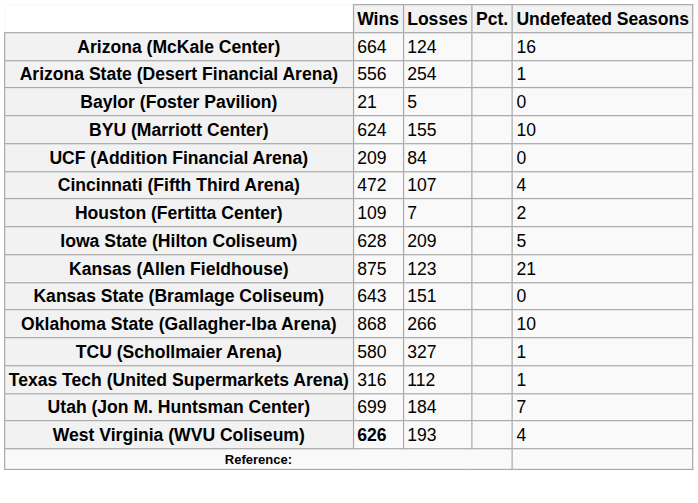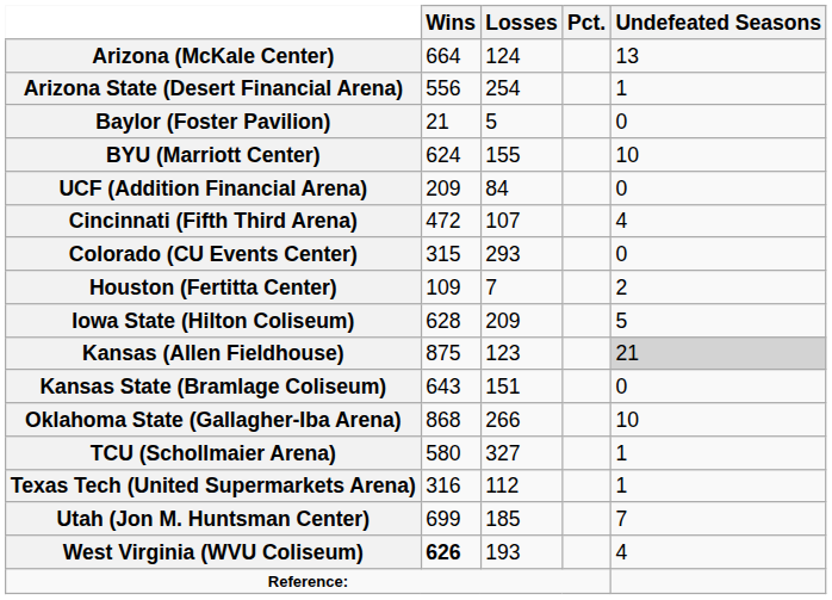 <table class="wikitable" style="white-space:nowrap;font-size:90%;">
 <tr>
 <th colspan="1" style="background:white; border-top-style:hidden; border-left-style:hidden;" width="75"> </th>
 <th>Wins</th>
 <th>Losses</th>
 <th>Pct.</th>
 <th>Undefeated Seasons</th>
 </tr>
 <tr>
 <th>Arizona (McKale Center)</th>
 <td>664</td>
 <td>124</td>
 <td></td>
-<td>16</td>
+<td>13</td>
 </tr>
 <tr>
 <th>Arizona State (Desert Financial Arena)</th>
 <td>556</td>
 <td>254</td>
 <td></td>
 <td>1</td>
 </tr>
 <tr>
 <th>Baylor (Foster Pavilion)</th>
 <td>21</td>
 <td>5</td>
 <td></td>
 <td>0</td>
 </tr>
 <tr>
 <th>BYU (Marriott Center)</th>
 <td>624</td>
 <td>155</td>
 <td></td>
 <td>10</td>
 </tr>
 <tr>
 <th>UCF (Addition Financial Arena)</th>
 <td>209</td>
 <td>84</td>
 <td></td>
 <td>0</td>
 </tr>
 <tr>
 <th>Cincinnati (Fifth Third Arena)</th>
 <td>472</td>
 <td>107</td>
 <td></td>
 <td>4</td>
 </tr>
 <tr>
+<th>Colorado (CU Events Center)</th>
+<td>315</td>
+<td>293</td>
+<td></td>
+<td>0</td>
+</tr>
+<tr>
 <th>Houston (Fertitta Center)</th>
 <td>109</td>
 <td>7</td>
 <td></td>
 <td>2</td>
 </tr>
 <tr>
 <th>Iowa State (Hilton Coliseum)</th>
 <td>628</td>
 <td>209</td>
 <td></td>
 <td>5</td>
 </tr>
 <tr>
 <th>Kansas (Allen Fieldhouse)</th>
 <td>875</td>
 <td>123</td>
 <td></td>
-<td>21</td>
+<td style="background: lightgrey;">21</td>
 </tr>
 <tr>
 <th>Kansas State (Bramlage Coliseum)</th>
 <td>643</td>
 <td>151</td>
 <td></td>
 <td>0</td>
 </tr>
 <tr>
 <th>Oklahoma State (Gallagher-Iba Arena)</th>
 <td>868</td>
 <td>266</td>
 <td></td>
 <td>10</td>
 </tr>
 <tr>
 <th>TCU (Schollmaier Arena)</th>
 <td>580</td>
 <td>327</td>
 <td></td>
 <td>1</td>
 </tr>
 <tr>
 <th>Texas Tech (United Supermarkets Arena)</th>
 <td>316</td>
 <td>112</td>
 <td></td>
 <td>1</td>
 </tr>
 <tr>
 <th>Utah (Jon M. Huntsman Center)</th>
 <td>699</td>
-<td>184</td>
+<td>185</td>
 <td></td>
 <td>7</td>
 </tr>
 <tr>
 <th>West Virginia (WVU Coliseum)</th>
 <td><strong>626</strong></td>
 <td>193</td>
 <td></td>
 <td>4</td>
 </tr>
 <tr>
 <td colspan="4" style="font-size:8pt; text-align:center;"><strong>Reference:</strong></td>
 <td></td>
 </tr>
 </table>
